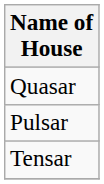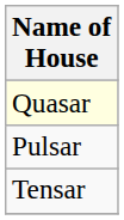 <table class="wikitable" border="1">
 <tr>
 <th>Name of <br>House</th>
 </tr>
 <tr>
-<td>Quasar</td>
+<td style="background: lightyellow;">Quasar</td>
 </tr>
 <tr>
 <td>Pulsar</td>
 </tr>
 <tr>
 <td>Tensar</td>
 </tr>
 <tr>
 </tr>
 </table>
